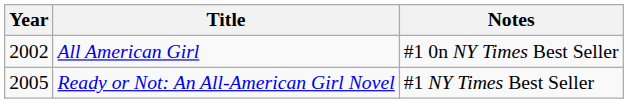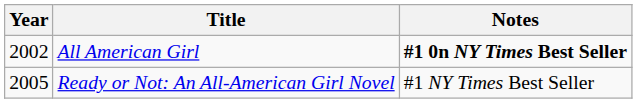 <table class="wikitable sortable">
 <tr>
 <th>Year</th>
 <th>Title</th>
 <th>Notes</th>
 </tr>
 <tr>
 <td>2002</td>
 <td><a href='#'><em>All American Girl</em></a></td>
-<td>#1 0n <em>NY Times</em> Best Seller</td>
+<td><strong>#1 0n <em>NY Times</em> Best Seller</strong></td>
 </tr>
 <tr>
 <td>2005</td>
 <td><a href='#'><em>Ready or Not: An All-American Girl Novel</em></a></td>
 <td>#1 <em>NY Times</em> Best Seller</td>
 </tr>
 </table>
